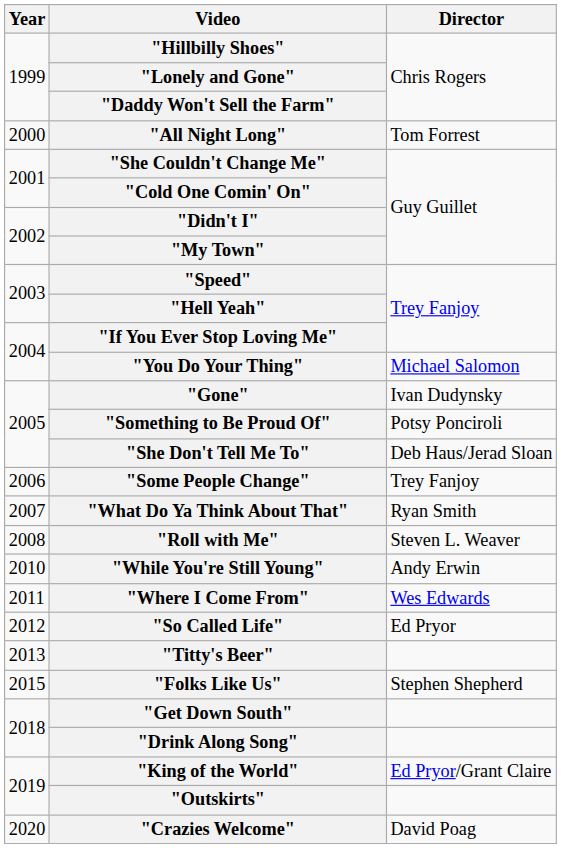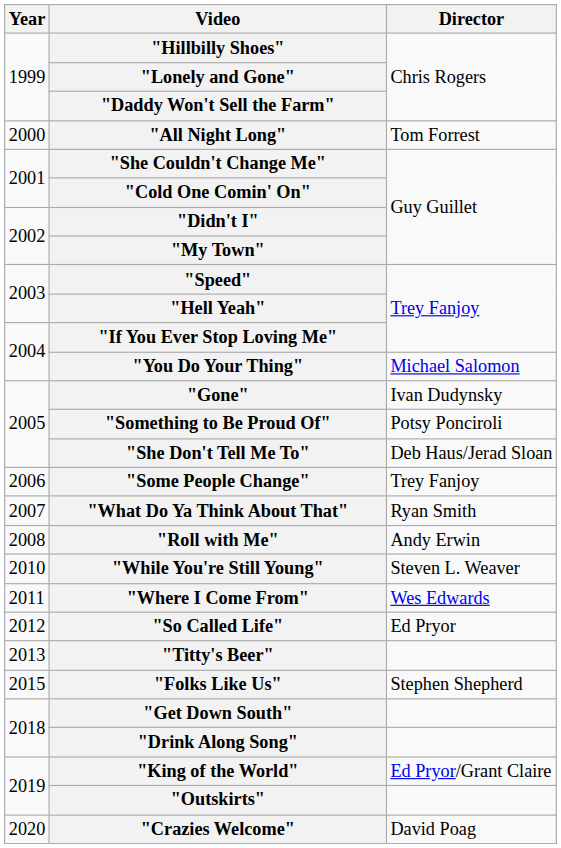 <table class="wikitable plainrowheaders">
 <tr>
 <th>Year</th>
 <th style="width:18em;">Video</th>
 <th>Director</th>
 </tr>
 <tr>
 <td rowspan="3">1999</td>
 <th scope="row">"Hillbilly Shoes"</th>
 <td rowspan="3">Chris Rogers</td>
 </tr>
 <tr>
 <th scope="row">"Lonely and Gone"</th>
 </tr>
 <tr>
 <th scope="row">"Daddy Won't Sell the Farm"</th>
 </tr>
 <tr>
 <td>2000</td>
 <th scope="row">"All Night Long" </th>
 <td>Tom Forrest</td>
 </tr>
 <tr>
 <td rowspan="2">2001</td>
 <th scope="row">"She Couldn't Change Me"</th>
 <td rowspan="4">Guy Guillet</td>
 </tr>
 <tr>
 <th scope="row">"Cold One Comin' On"</th>
 </tr>
 <tr>
 <td rowspan="2">2002</td>
 <th scope="row">"Didn't I"</th>
 </tr>
 <tr>
 <th scope="row">"My Town"</th>
 </tr>
 <tr>
 <td rowspan="2">2003</td>
 <th scope="row">"Speed"</th>
 <td rowspan="3"><a href='#'>Trey Fanjoy</a></td>
 </tr>
 <tr>
 <th scope="row">"Hell Yeah"</th>
 </tr>
 <tr>
 <td rowspan="2">2004</td>
 <th scope="row">"If You Ever Stop Loving Me"</th>
 </tr>
 <tr>
 <th scope="row">"You Do Your Thing"</th>
 <td><a href='#'>Michael Salomon</a></td>
 </tr>
 <tr>
 <td rowspan="3">2005</td>
 <th scope="row">"Gone"</th>
 <td>Ivan Dudynsky</td>
 </tr>
 <tr>
 <th scope="row">"Something to Be Proud Of"</th>
 <td>Potsy Ponciroli</td>
 </tr>
 <tr>
 <th scope="row">"She Don't Tell Me To"</th>
 <td>Deb Haus/Jerad Sloan</td>
 </tr>
 <tr>
 <td>2006</td>
 <th scope="row">"Some People Change"</th>
 <td>Trey Fanjoy</td>
 </tr>
 <tr>
 <td>2007</td>
 <th scope="row">"What Do Ya Think About That"</th>
 <td>Ryan Smith</td>
 </tr>
 <tr>
 <td>2008</td>
 <th scope="row">"Roll with Me"</th>
-<td>Steven L. Weaver</td>
+<td>Andy Erwin</td>
 </tr>
 <tr>
 <td>2010</td>
 <th scope="row">"While You're Still Young"</th>
-<td>Andy Erwin</td>
+<td>Steven L. Weaver</td>
 </tr>
 <tr>
 <td>2011</td>
 <th scope="row">"Where I Come From"</th>
 <td><a href='#'>Wes Edwards</a></td>
 </tr>
 <tr>
 <td>2012</td>
 <th scope="row">"So Called Life"</th>
 <td>Ed Pryor</td>
 </tr>
 <tr>
 <td>2013</td>
 <th scope="row">"Titty's Beer"</th>
 <td></td>
 </tr>
 <tr>
 <td>2015</td>
 <th scope="row">"Folks Like Us"</th>
 <td>Stephen Shepherd</td>
 </tr>
 <tr>
 <td rowspan="2">2018</td>
 <th scope="row">"Get Down South"</th>
 <td></td>
 </tr>
 <tr>
 <th scope="row">"Drink Along Song"</th>
 <td></td>
 </tr>
 <tr>
 <td rowspan="2">2019</td>
 <th scope="row">"King of the World"</th>
 <td><a href='#'>Ed Pryor</a>/Grant Claire</td>
 </tr>
 <tr>
 <th scope="row">"Outskirts" </th>
 <td></td>
 </tr>
 <tr>
 <td>2020</td>
 <th scope="row">"Crazies Welcome"</th>
 <td>David Poag</td>
 </tr>
 </table>
